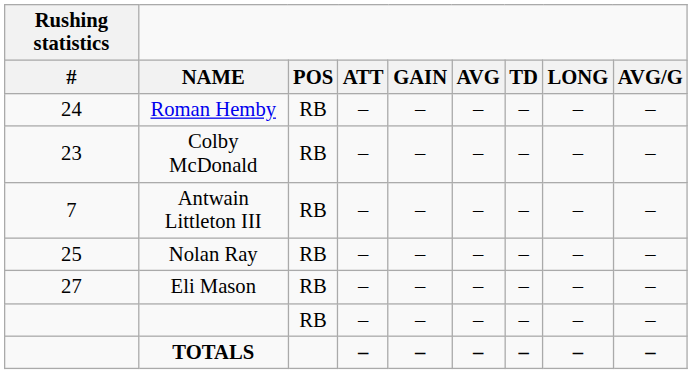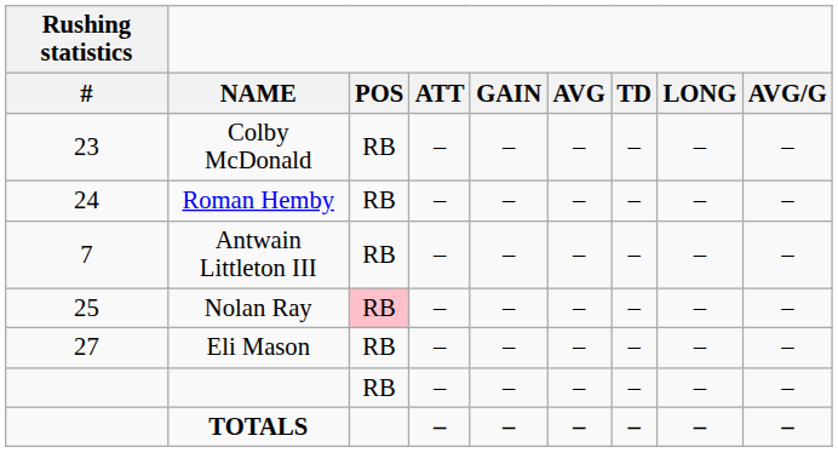 <table style="width:60%; text-align:center;" class="wikitable collapsible collapsed">
 <tr>
 <th style="text-align:center; ">Rushing statistics</th>
 </tr>
 <tr>
 <th>#</th>
 <th>NAME</th>
 <th>POS</th>
 <th>ATT</th>
 <th>GAIN</th>
 <th>AVG</th>
 <th>TD</th>
 <th>LONG</th>
 <th>AVG/G</th>
 </tr>
 <tr>
-<td>24</td>
-<td><a href='#'>Roman Hemby</a></td>
+<td>23</td>
+<td>Colby McDonald</td>
 <td>RB</td>
 <td>–</td>
 <td>–</td>
 <td>–</td>
 <td>–</td>
 <td>–</td>
 <td>–</td>
 </tr>
 <tr>
-<td>23</td>
-<td>Colby McDonald</td>
+<td>24</td>
+<td><a href='#'>Roman Hemby</a></td>
 <td>RB</td>
 <td>–</td>
 <td>–</td>
 <td>–</td>
 <td>–</td>
 <td>–</td>
 <td>–</td>
 </tr>
 <tr>
 <td>7</td>
 <td>Antwain Littleton III</td>
 <td>RB</td>
 <td>–</td>
 <td>–</td>
 <td>–</td>
 <td>–</td>
 <td>–</td>
 <td>–</td>
 </tr>
 <tr>
 <td>25</td>
 <td>Nolan Ray</td>
-<td>RB</td>
+<td style="background: pink;">RB</td>
 <td>–</td>
 <td>–</td>
 <td>–</td>
 <td>–</td>
 <td>–</td>
 <td>–</td>
 </tr>
 <tr>
 <td>27</td>
 <td>Eli Mason</td>
 <td>RB</td>
 <td>–</td>
 <td>–</td>
 <td>–</td>
 <td>–</td>
 <td>–</td>
 <td>–</td>
 </tr>
 <tr>
 <td></td>
 <td></td>
 <td>RB</td>
 <td>–</td>
 <td>–</td>
 <td>–</td>
 <td>–</td>
 <td>–</td>
 <td>–</td>
 </tr>
 <tr>
 <td></td>
 <td><strong>TOTALS</strong></td>
 <td></td>
 <td><strong>–</strong></td>
 <td><strong>–</strong></td>
 <td><strong>–</strong></td>
 <td><strong>–</strong></td>
 <td><strong>–</strong></td>
 <td><strong>–</strong></td>
 </tr>
 </table>
